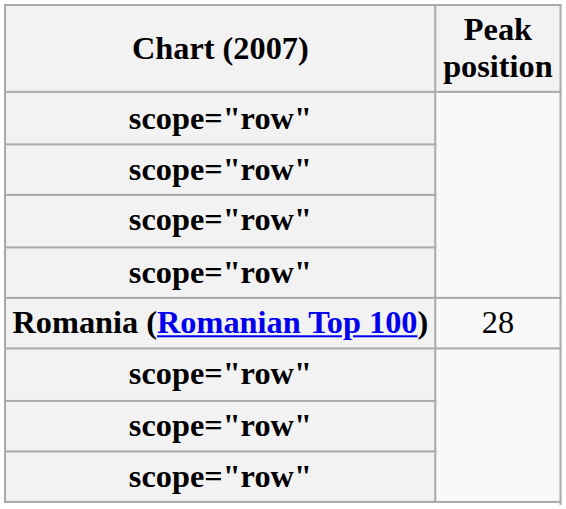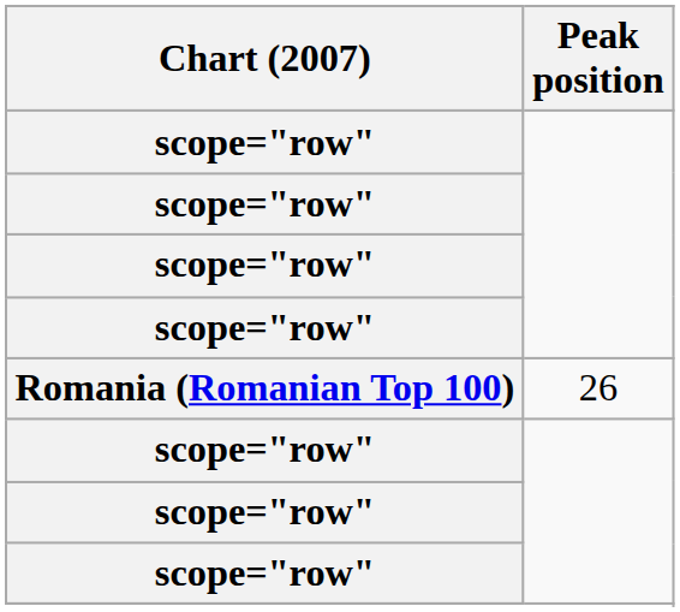 <table class="wikitable plainrowheaders sortable" style="text-align:center">
 <tr>
 <th scope="col">Chart (2007)</th>
 <th scope="col">Peak<br>position</th>
 </tr>
 <tr>
 <th>scope="row"</th>
 </tr>
 <tr>
 <th>scope="row"</th>
 </tr>
 <tr>
 <th>scope="row"</th>
 </tr>
 <tr>
 <th>scope="row"</th>
 </tr>
 <tr>
 <th scope="row">Romania (<a href='#'>Romanian Top 100</a>)</th>
-<td>28</td>
+<td>26</td>
 </tr>
 <tr>
 <th>scope="row"</th>
 </tr>
 <tr>
 <th>scope="row"</th>
 </tr>
 <tr>
 <th>scope="row" </th>
 </tr>
 <tr>
 </tr>
 </table>
